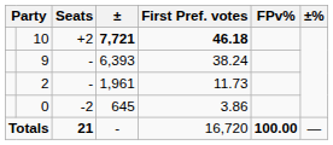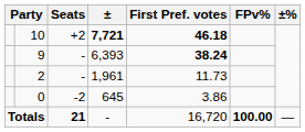 <table class=wikitable>
 <tr>
 <th colspan=2 align=center>Party</th>
 <th valign=top>Seats</th>
 <th valign=top>±</th>
 <th valign=top>First Pref. votes</th>
 <th valign=top>FPv%</th>
 <th valign=top>±%</th>
 </tr>
 <tr>
 <td></td>
 <td align=right>10</td>
 <td align=right>+2</td>
 <td align=right><strong>7,721</strong></td>
 <td align=right><strong>46.18</strong></td>
 <td align=right></td>
 </tr>
 <tr>
 <td></td>
 <td align=right>9</td>
 <td align=right>-</td>
 <td align=right>6,393</td>
-<td align=right>38.24</td>
+<td align=right><strong>38.24</strong></td>
 <td align=right></td>
 </tr>
 <tr>
 <td></td>
 <td align=right>2</td>
 <td align=right>-</td>
 <td align=right>1,961</td>
 <td align=right>11.73</td>
 <td align=right></td>
 </tr>
 <tr>
 <td></td>
 <td align=right>0</td>
 <td align=right>-2</td>
 <td align=right>645</td>
 <td align=right>3.86</td>
 <td align=right></td>
 </tr>
 <tr>
 <td colspan=2 align=center><strong>Totals</strong></td>
 <td align=right><strong>21</strong></td>
 <td align=center>-</td>
 <td align=right>16,720</td>
 <td align=center><strong>100.00</strong></td>
 <td align=center>—</td>
 </tr>
 </table>
